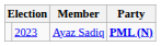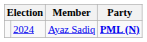 <table class="wikitable">
 <tr>
 <th colspan="2">Election</th>
 <th>Member</th>
 <th>Party</th>
 </tr>
 <tr>
 <td style="background-color: "></td>
-<td><a href='#'>2023</a></td>
+<td><a href='#'>2024</a></td>
 <td><a href='#'>Ayaz Sadiq</a></td>
 <td><strong><a href='#'>PML (N)</a></strong></td>
 </tr>
 </table>
